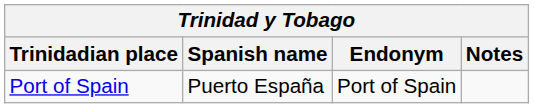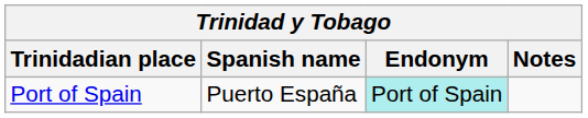 <table class="wikitable sortable">
 <tr>
 <th colspan="4"> <em>Trinidad y Tobago</em></th>
 </tr>
 <tr>
 <th>Trinidadian place</th>
 <th>Spanish name</th>
 <th>Endonym</th>
 <th>Notes</th>
 </tr>
 <tr>
 <td><a href='#'>Port of Spain</a></td>
 <td>Puerto España</td>
-<td>Port of Spain</td>
+<td style="background: paleturquoise;">Port of Spain</td>
 <td></td>
 </tr>
 </table>
